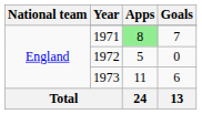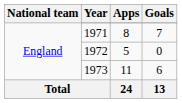 <table class="wikitable" style="text-align: center;">
 <tr>
 <th>National team</th>
 <th>Year</th>
 <th>Apps</th>
 <th>Goals</th>
 </tr>
 <tr>
 <td rowspan="4"><a href='#'>England</a></td>
 </tr>
 <tr>
 <td>1971</td>
-<td style="background: lightgreen;">8</td>
+<td>8</td>
 <td>7</td>
 </tr>
 <tr>
 <td>1972</td>
 <td>5</td>
 <td>0</td>
 </tr>
 <tr>
 <td>1973</td>
 <td>11</td>
 <td>6</td>
 </tr>
 <tr>
 <th colspan="2">Total</th>
 <th>24</th>
 <th>13</th>
 </tr>
 </table>
